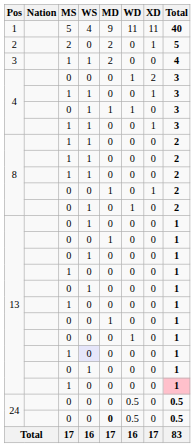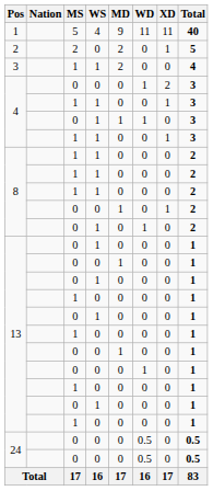 <table class="wikitable" style="text-align:center">
 <tr>
 <th>Pos</th>
 <th>Nation</th>
 <th>MS</th>
 <th>WS</th>
 <th>MD</th>
 <th>WD</th>
 <th>XD</th>
 <th>Total</th>
 </tr>
 <tr>
 <td>1</td>
 <td align=left></td>
 <td>5</td>
 <td>4</td>
 <td>9</td>
 <td>11</td>
 <td>11</td>
 <td><strong>40</strong></td>
 </tr>
 <tr>
 <td>2</td>
 <td align=left></td>
 <td>2</td>
 <td>0</td>
 <td>2</td>
 <td>0</td>
 <td>1</td>
 <td><strong>5</strong></td>
 </tr>
 <tr>
 <td>3</td>
 <td align=left></td>
 <td>1</td>
 <td>1</td>
 <td>2</td>
 <td>0</td>
 <td>0</td>
 <td><strong>4</strong></td>
 </tr>
 <tr>
 <td rowspan=4>4</td>
 <td align=left></td>
 <td>0</td>
 <td>0</td>
 <td>0</td>
 <td>1</td>
 <td>2</td>
 <td><strong>3</strong></td>
 </tr>
 <tr>
 <td align=left></td>
 <td>1</td>
 <td>1</td>
 <td>0</td>
 <td>0</td>
 <td>1</td>
 <td><strong>3</strong></td>
 </tr>
 <tr>
 <td align=left></td>
 <td>0</td>
 <td>1</td>
 <td>1</td>
 <td>1</td>
 <td>0</td>
 <td><strong>3</strong></td>
 </tr>
 <tr>
 <td align=left></td>
 <td>1</td>
 <td>1</td>
 <td>0</td>
 <td>0</td>
 <td>1</td>
 <td><strong>3</strong></td>
 </tr>
 <tr>
 <td rowspan=5>8</td>
 <td align=left></td>
 <td>1</td>
 <td>1</td>
 <td>0</td>
 <td>0</td>
 <td>0</td>
 <td><strong>2</strong></td>
 </tr>
 <tr>
 <td align=left></td>
 <td>1</td>
 <td>1</td>
 <td>0</td>
 <td>0</td>
 <td>0</td>
 <td><strong>2</strong></td>
 </tr>
 <tr>
 <td align=left></td>
 <td>1</td>
 <td>1</td>
 <td>0</td>
 <td>0</td>
 <td>0</td>
 <td><strong>2</strong></td>
 </tr>
 <tr>
 <td align=left></td>
 <td>0</td>
 <td>0</td>
 <td>1</td>
 <td>0</td>
 <td>1</td>
 <td><strong>2</strong></td>
 </tr>
 <tr>
 <td align=left></td>
 <td>0</td>
 <td>1</td>
 <td>0</td>
 <td>1</td>
 <td>0</td>
 <td><strong>2</strong></td>
 </tr>
 <tr>
 <td rowspan="11">13</td>
 <td align=left></td>
 <td>0</td>
 <td>1</td>
 <td>0</td>
 <td>0</td>
 <td>0</td>
 <td><strong>1</strong></td>
 </tr>
 <tr>
 <td align=left></td>
 <td>0</td>
 <td>0</td>
 <td>1</td>
 <td>0</td>
 <td>0</td>
 <td><strong>1</strong></td>
 </tr>
 <tr>
 <td align=left></td>
 <td>0</td>
 <td>1</td>
 <td>0</td>
 <td>0</td>
 <td>0</td>
 <td><strong>1</strong></td>
 </tr>
 <tr>
 <td align=left></td>
 <td>1</td>
 <td>0</td>
 <td>0</td>
 <td>0</td>
 <td>0</td>
 <td><strong>1</strong></td>
 </tr>
 <tr>
 <td align=left></td>
 <td>0</td>
 <td>1</td>
 <td>0</td>
 <td>0</td>
 <td>0</td>
 <td><strong>1</strong></td>
 </tr>
 <tr>
 <td align=left></td>
 <td>1</td>
 <td>0</td>
 <td>0</td>
 <td>0</td>
 <td>0</td>
 <td><strong>1</strong></td>
 </tr>
 <tr>
 <td align=left></td>
 <td>0</td>
 <td>0</td>
 <td>1</td>
 <td>0</td>
 <td>0</td>
 <td><strong>1</strong></td>
 </tr>
 <tr>
 <td align=left></td>
 <td>0</td>
 <td>0</td>
 <td>0</td>
 <td>1</td>
 <td>0</td>
 <td><strong>1</strong></td>
 </tr>
 <tr>
 <td align=left></td>
 <td>1</td>
-<td style="background: lavender;">0</td>
+<td>0</td>
 <td>0</td>
 <td>0</td>
 <td>0</td>
 <td><strong>1</strong></td>
 </tr>
 <tr>
 <td align=left></td>
 <td>0</td>
 <td>1</td>
 <td>0</td>
 <td>0</td>
 <td>0</td>
 <td><strong>1</strong></td>
 </tr>
 <tr>
 <td align=left></td>
 <td>1</td>
 <td>0</td>
 <td>0</td>
 <td>0</td>
 <td>0</td>
-<td style="background: pink;"><strong>1</strong></td>
+<td><strong>1</strong></td>
 </tr>
 <tr>
 <td rowspan="2">24</td>
 <td align=left></td>
 <td>0</td>
 <td>0</td>
 <td>0</td>
 <td>0.5</td>
 <td>0</td>
 <td><strong>0.5</strong></td>
 </tr>
 <tr>
 <td align=left></td>
 <td>0</td>
 <td>0</td>
-<td><strong>0</strong></td>
+<td>0</td>
 <td>0.5</td>
 <td>0</td>
 <td><strong>0.5</strong></td>
 </tr>
 <tr>
 <th colspan="2">Total</th>
 <th>17</th>
 <th>16</th>
 <th>17</th>
 <th>16</th>
 <th>17</th>
 <th>83</th>
 </tr>
 </table>
